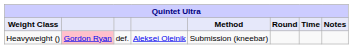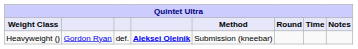 <table class="wikitable" style="font-size: 80%;">
 <tr>
 <th colspan="8" style="background-color: #ccf; color: #000080; text-align: center;"><strong>Quintet Ultra</strong></th>
 </tr>
 <tr>
 <th colspan="1" style="background-color: #E6E8FA; color: #000000; text-align: center;">Weight Class</th>
 <th colspan="1" style="background-color: #E6E8FA; color: #000000; text-align: center;"></th>
 <th colspan="1" style="background-color: #E6E8FA; color: #000000; text-align: center;"></th>
 <th colspan="1" style="background-color: #E6E8FA; color: #000000; text-align: center;"></th>
 <th colspan="1" style="background-color: #E6E8FA; color: #000000; text-align: center;">Method</th>
 <th colspan="1" style="background-color: #E6E8FA; color: #000000; text-align: center;">Round</th>
 <th colspan="1" style="background-color: #E6E8FA; color: #000000; text-align: center;">Time</th>
 <th colspan="1" style="background-color: #E6E8FA; color: #000000; text-align: center;">Notes</th>
 </tr>
 <tr>
 <td>Heavyweight ()</td>
-<td style="background: pink;"> <a href='#'>Gordon Ryan</a></td>
+<td> <a href='#'>Gordon Ryan</a></td>
 <td>def.</td>
-<td> <a href='#'>Aleksei Oleinik</a></td>
+<td><strong> <a href='#'>Aleksei Oleinik</a></strong></td>
 <td>Submission (kneebar)</td>
 <td align=center></td>
 <td align=center></td>
 <td></td>
 </tr>
 </table>
